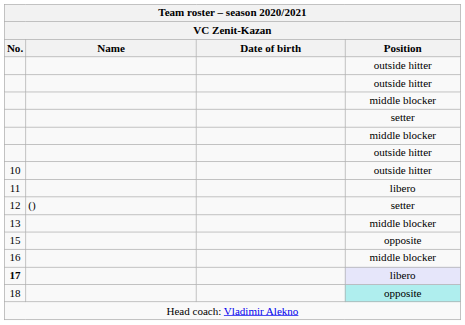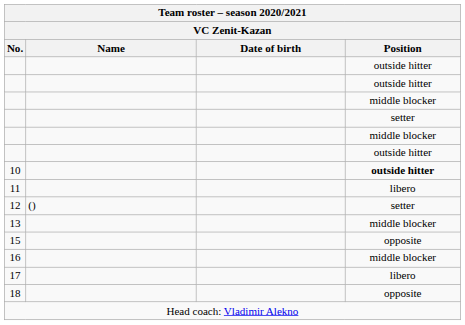 <table class="wikitable collapsible collapsed sortable" style="font-size:100%; text-align:center;">
 <tr>
 <th colspan=6>Team roster – season 2020/2021</th>
 </tr>
 <tr>
 <th colspan=6>VC Zenit-Kazan</th>
 </tr>
 <tr>
 <th>No.</th>
 <th style="width:15em">Name</th>
 <th style="width:13em">Date of birth</th>
 <th style="width:10em">Position</th>
 </tr>
 <tr>
 <td></td>
 <td align=left> </td>
 <td align=right></td>
 <td>outside hitter</td>
 </tr>
 <tr>
 <td></td>
 <td align=left> </td>
 <td align=right></td>
 <td>outside hitter</td>
 </tr>
 <tr>
 <td></td>
 <td align=left> </td>
 <td align=right></td>
 <td>middle blocker</td>
 </tr>
 <tr>
 <td></td>
 <td align=left> </td>
 <td align=right></td>
 <td>setter</td>
 </tr>
 <tr>
 <td></td>
 <td align=left> </td>
 <td align=right></td>
 <td>middle blocker</td>
 </tr>
 <tr>
 <td></td>
 <td align=left> </td>
 <td align=right></td>
 <td>outside hitter</td>
 </tr>
 <tr>
 <td>10</td>
 <td align=left> </td>
 <td align=right></td>
-<td>outside hitter</td>
+<td><strong>outside hitter</strong></td>
 </tr>
 <tr>
 <td>11</td>
 <td align=left> </td>
 <td align=right></td>
 <td>libero</td>
 </tr>
 <tr>
 <td>12</td>
 <td align=left>  ()</td>
 <td align=right></td>
 <td>setter</td>
 </tr>
 <tr>
 <td>13</td>
 <td align=left> </td>
 <td align=right></td>
 <td>middle blocker</td>
 </tr>
 <tr>
 <td>15</td>
 <td align=left> </td>
 <td align=right></td>
 <td>opposite</td>
 </tr>
 <tr>
 <td>16</td>
 <td align=left> </td>
 <td align=right></td>
 <td>middle blocker</td>
 </tr>
 <tr>
-<td><strong>17</strong></td>
+<td>17</td>
 <td align=left> </td>
 <td align=right></td>
-<td style="background: lavender;">libero</td>
+<td>libero</td>
 </tr>
 <tr>
 <td>18</td>
 <td align=left> </td>
 <td align=right></td>
-<td style="background: paleturquoise;">opposite</td>
+<td>opposite</td>
 </tr>
 <tr>
 <td colspan=4>Head coach:  <a href='#'>Vladimir Alekno</a></td>
 </tr>
 </table>
